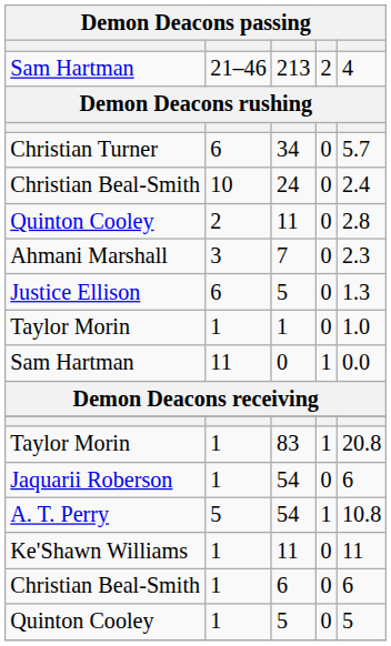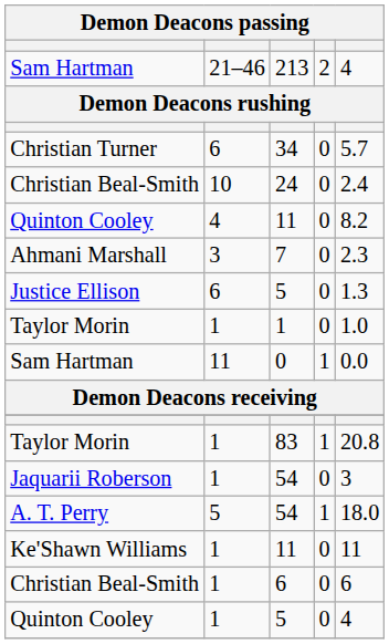 <table class="wikitable plainrowheaders">
 <tr>
 <th colspan="6">Demon Deacons passing</th>
 </tr>
 <tr>
 <th scope="col"></th>
 <th scope="col"></th>
 <th scope="col"></th>
 <th scope="col"></th>
 <th scope="col"></th>
 </tr>
 <tr>
 <td><a href='#'>Sam Hartman</a></td>
 <td>21–46</td>
 <td>213</td>
 <td>2</td>
 <td>4</td>
 </tr>
 <tr>
 <th colspan="6">Demon Deacons rushing</th>
 </tr>
 <tr>
 <th scope="col"></th>
 <th scope="col"></th>
 <th scope="col"></th>
 <th scope="col"></th>
 <th scope="col"></th>
 </tr>
 <tr>
 <td>Christian Turner</td>
 <td>6</td>
 <td>34</td>
 <td>0</td>
 <td>5.7</td>
 </tr>
 <tr>
 <td>Christian Beal-Smith</td>
 <td>10</td>
 <td>24</td>
 <td>0</td>
 <td>2.4</td>
 </tr>
 <tr>
 <td><a href='#'>Quinton Cooley</a></td>
-<td>2</td>
+<td>4</td>
 <td>11</td>
 <td>0</td>
-<td>2.8</td>
+<td>8.2</td>
 </tr>
 <tr>
 <td>Ahmani Marshall</td>
 <td>3</td>
 <td>7</td>
 <td>0</td>
 <td>2.3</td>
 </tr>
 <tr>
 <td><a href='#'>Justice Ellison</a></td>
 <td>6</td>
 <td>5</td>
 <td>0</td>
 <td>1.3</td>
 </tr>
 <tr>
 <td>Taylor Morin</td>
 <td>1</td>
 <td>1</td>
 <td>0</td>
 <td>1.0</td>
 </tr>
 <tr>
 <td>Sam Hartman</td>
 <td>11</td>
 <td>0</td>
 <td>1</td>
 <td>0.0</td>
 </tr>
 <tr>
 <th colspan="6">Demon Deacons receiving</th>
 </tr>
 <tr>
 </tr>
 <tr>
 <th scope="col"></th>
 <th scope="col"></th>
 <th scope="col"></th>
 <th scope="col"></th>
 <th scope="col"></th>
 </tr>
 <tr>
 <td>Taylor Morin</td>
 <td>1</td>
 <td>83</td>
 <td>1</td>
 <td>20.8</td>
 </tr>
 <tr>
 <td><a href='#'>Jaquarii Roberson</a></td>
 <td>1</td>
 <td>54</td>
 <td>0</td>
-<td>6</td>
+<td>3</td>
 </tr>
 <tr>
 <td><a href='#'>A. T. Perry</a></td>
 <td>5</td>
 <td>54</td>
 <td>1</td>
-<td>10.8</td>
+<td>18.0</td>
 </tr>
 <tr>
 <td>Ke'Shawn Williams</td>
 <td>1</td>
 <td>11</td>
 <td>0</td>
 <td>11</td>
 </tr>
 <tr>
 <td>Christian Beal-Smith</td>
 <td>1</td>
 <td>6</td>
 <td>0</td>
 <td>6</td>
 </tr>
 <tr>
 <td>Quinton Cooley</td>
 <td>1</td>
 <td>5</td>
 <td>0</td>
-<td>5</td>
+<td>4</td>
 </tr>
 <tr>
 </tr>
 </table>
